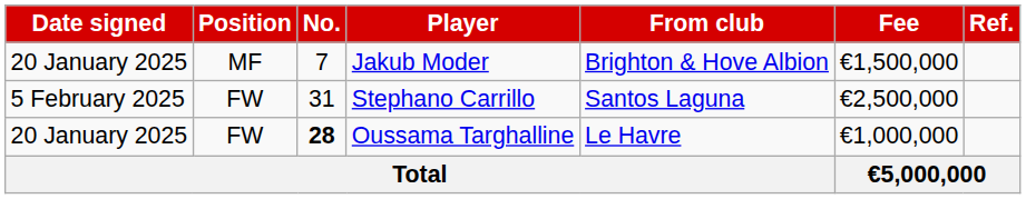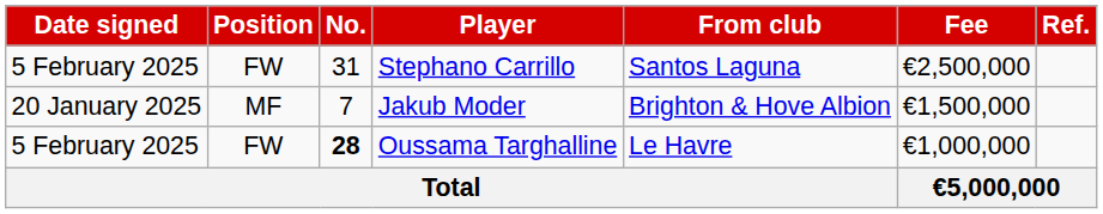 <table class="wikitable sortable">
 <tr>
 <th style="background:#d50000; color:white;">Date signed</th>
 <th style="background:#d50000; color:white;">Position</th>
 <th style="background:#d50000; color:white;">No.</th>
 <th style="background:#d50000; color:white;">Player</th>
 <th style="background:#d50000; color:white;">From club</th>
 <th style="background:#d50000; color:white;">Fee</th>
 <th style="background:#d50000; color:white;">Ref.</th>
+</tr>
+<tr>
+<td>5 February 2025</td>
+<td style="text-align:center;">FW</td>
+<td style="text-align:center;">31</td>
+<td style="text-align;left:"> <a href='#'>Stephano Carrillo</a></td>
+<td style="text-align:left;"> <a href='#'>Santos Laguna</a></td>
+<td>€2,500,000</td>
+<td></td>
 </tr>
 <tr>
 <td>20 January 2025</td>
 <td style="text-align:center;">MF</td>
 <td style="text-align:center;">7</td>
 <td style="text-align;left:"> <a href='#'>Jakub Moder</a></td>
 <td style="text-align:left;"> <a href='#'>Brighton & Hove Albion</a></td>
 <td>€1,500,000</td>
 <td></td>
 </tr>
 <tr>
 <td>5 February 2025</td>
 <td style="text-align:center;">FW</td>
-<td style="text-align:center;">31</td>
-<td style="text-align;left:"> <a href='#'>Stephano Carrillo</a></td>
-<td style="text-align:left;"> <a href='#'>Santos Laguna</a></td>
-<td>€2,500,000</td>
-<td></td>
-</tr>
-<tr>
-<td>20 January 2025</td>
-<td style="text-align:center;">FW</td>
 <td style="text-align:center;"><strong>28</strong></td>
 <td style="text-align;left:"> <a href='#'>Oussama Targhalline</a></td>
 <td style="text-align:left;"> <a href='#'>Le Havre</a></td>
 <td>€1,000,000</td>
 <td></td>
 </tr>
 <tr>
 <th colspan="5">Total</th>
 <th colspan="2">€5,000,000</th>
 </tr>
 </table>
